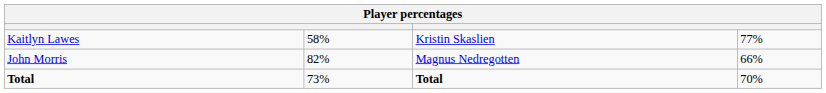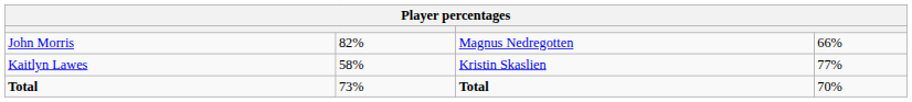 <table class="wikitable">
 <tr>
 <th colspan=4 width=400>Player percentages</th>
 </tr>
 <tr>
 <th colspan=2 width=25% style="white-space:nowrap;"></th>
 <th colspan=2 width=25% style="white-space:nowrap;"></th>
 </tr>
 <tr>
+<td><a href='#'>John Morris</a></td>
+<td>82%</td>
+<td><a href='#'>Magnus Nedregotten</a></td>
+<td>66%</td>
+</tr>
+<tr>
 <td><a href='#'>Kaitlyn Lawes</a></td>
 <td>58%</td>
 <td><a href='#'>Kristin Skaslien</a></td>
 <td>77%</td>
-</tr>
-<tr>
-<td><a href='#'>John Morris</a></td>
-<td>82%</td>
-<td><a href='#'>Magnus Nedregotten</a></td>
-<td>66%</td>
 </tr>
 <tr>
 <td><strong>Total</strong></td>
 <td>73%</td>
 <td><strong>Total</strong></td>
 <td>70%</td>
 </tr>
 </table>
